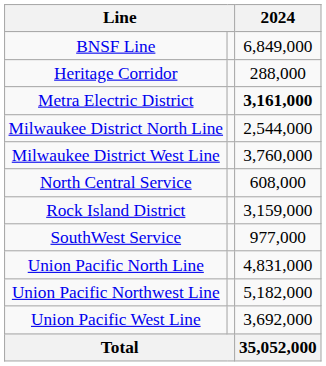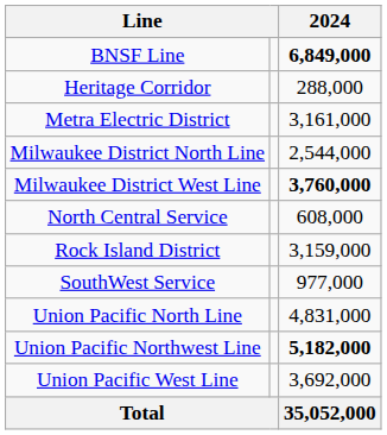 <table class="wikitable sortable" style="text-align:center">
 <tr>
 <th colspan="2">Line</th>
 <th>2024</th>
 </tr>
 <tr>
 <td><a href='#'>BNSF Line</a></td>
 <td style="background:#"></td>
-<td>6,849,000</td>
+<td><strong>6,849,000</strong></td>
 </tr>
 <tr>
 <td><a href='#'>Heritage Corridor</a></td>
 <td style="background:#"></td>
 <td>288,000</td>
 </tr>
 <tr>
 <td><a href='#'>Metra Electric District</a></td>
 <td style="background:#"></td>
-<td><strong>3,161,000</strong></td>
+<td>3,161,000</td>
 </tr>
 <tr>
 <td><a href='#'>Milwaukee District North Line</a></td>
 <td style="background:#"></td>
 <td>2,544,000</td>
 </tr>
 <tr>
 <td><a href='#'>Milwaukee District West Line</a></td>
 <td style="background:#"></td>
-<td>3,760,000</td>
+<td><strong>3,760,000</strong></td>
 </tr>
 <tr>
 <td><a href='#'>North Central Service</a></td>
 <td style="background:#"></td>
 <td>608,000</td>
 </tr>
 <tr>
 <td><a href='#'>Rock Island District</a></td>
 <td style="background:#"></td>
 <td>3,159,000</td>
 </tr>
 <tr>
 <td><a href='#'>SouthWest Service</a></td>
 <td style="background:#"></td>
 <td>977,000</td>
 </tr>
 <tr>
 <td><a href='#'>Union Pacific North Line</a></td>
 <td style="background:#"></td>
 <td>4,831,000</td>
 </tr>
 <tr>
 <td><a href='#'>Union Pacific Northwest Line</a></td>
 <td style="background:#"></td>
-<td>5,182,000</td>
+<td><strong>5,182,000</strong></td>
 </tr>
 <tr>
 <td><a href='#'>Union Pacific West Line</a></td>
 <td style="background:#"></td>
 <td>3,692,000</td>
 </tr>
 <tr>
 <th colspan="2">Total</th>
 <th>35,052,000</th>
 </tr>
 </table>
